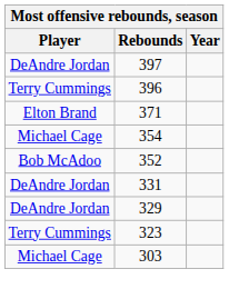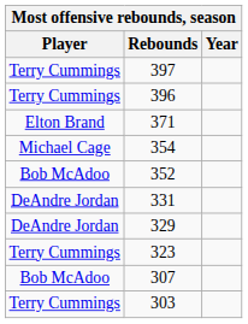 <table class="wikitable sortable" style="text-align:center">
 <tr>
 <th colspan="3">Most offensive rebounds, season</th>
 </tr>
 <tr>
 <th>Player</th>
 <th>Rebounds</th>
 <th>Year</th>
 </tr>
 <tr>
-<td><a href='#'>DeAndre Jordan</a></td>
+<td><a href='#'>Terry Cummings</a></td>
 <td>397</td>
 <td></td>
 </tr>
 <tr>
 <td><a href='#'>Terry Cummings</a></td>
 <td>396</td>
 <td></td>
 </tr>
 <tr>
 <td><a href='#'>Elton Brand</a></td>
 <td>371</td>
 <td></td>
 </tr>
 <tr>
 <td><a href='#'>Michael Cage</a></td>
 <td>354</td>
 <td></td>
 </tr>
 <tr>
 <td><a href='#'>Bob McAdoo</a></td>
 <td>352</td>
 <td></td>
 </tr>
 <tr>
 <td><a href='#'>DeAndre Jordan</a></td>
 <td>331</td>
 <td></td>
 </tr>
 <tr>
 <td><a href='#'>DeAndre Jordan</a></td>
 <td>329</td>
 <td></td>
 </tr>
 <tr>
 <td><a href='#'>Terry Cummings</a></td>
 <td>323</td>
 <td></td>
 </tr>
 <tr>
-<td><a href='#'>Michael Cage</a></td>
+<td><a href='#'>Bob McAdoo</a></td>
+<td>307</td>
+<td></td>
+</tr>
+<tr>
+<td><a href='#'>Terry Cummings</a></td>
 <td>303</td>
 <td></td>
 </tr>
 </table>
